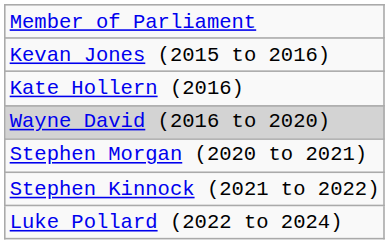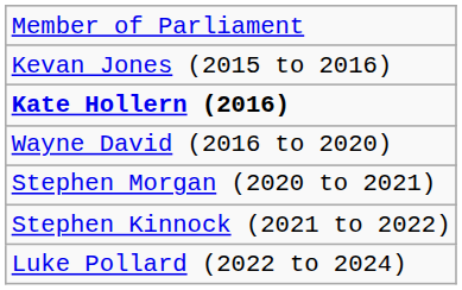 <table class="wikitable">
 <tr>
 <td><a href='#'>Member of Parliament</a></td>
 </tr>
 <tr>
 <td><a href='#'>Kevan Jones</a> (2015 to 2016)</td>
 </tr>
 <tr>
-<td><a href='#'>Kate Hollern</a> (2016)</td>
+<td><strong><a href='#'>Kate Hollern</a> (2016)</strong></td>
 </tr>
 <tr>
-<td style="background: lightgrey;"><a href='#'>Wayne David</a> (2016 to 2020)</td>
+<td><a href='#'>Wayne David</a> (2016 to 2020)</td>
 </tr>
 <tr>
 <td><a href='#'>Stephen Morgan</a> (2020 to 2021)</td>
 </tr>
 <tr>
 <td><a href='#'>Stephen Kinnock</a> (2021 to 2022)</td>
 </tr>
 <tr>
 <td><a href='#'>Luke Pollard</a> (2022 to 2024)</td>
 </tr>
 </table>
